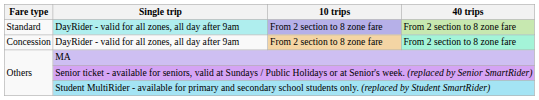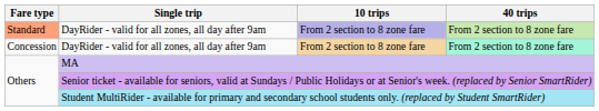 <table class="wikitable">
 <tr>
 <th>Fare type</th>
 <th>Single trip</th>
 <th>10 trips</th>
 <th>40 trips</th>
 </tr>
 <tr>
-<td>Standard</td>
-<td style="background: paleturquoise;">DayRider - valid for all zones, all day after 9am</td>
+<td style="background: lightsalmon;">Standard</td>
+<td>DayRider - valid for all zones, all day after 9am</td>
 <td style="background-color:#B6B0E8;">From 2 section to 8 zone fare</td>
 <td style="background-color:#C7E8B0;">From 2 section to 8 zone fare</td>
 </tr>
 <tr>
 <td>Concession</td>
 <td>DayRider - valid for all zones, all day after 9am</td>
 <td style="background-color:#F4D5A4;">From 2 section to 8 zone fare</td>
 <td style="background-color:#A4F4D8;">From 2 section to 8 zone fare</td>
 </tr>
 <tr>
 <td rowspan="3">Others</td>
 <td colspan="3" style="background-color:#CEBFF2;">MA</td>
 </tr>
 <tr>
 <td colspan="3" style="background-color:#D5A4F4;">Senior ticket - available for seniors, valid at Sundays / Public Holidays or at Senior's week. <em>(replaced by Senior SmartRider)</em></td>
 </tr>
 <tr>
 <td colspan="3" style="background-color:#A4E4F4;">Student MultiRider - available for primary and secondary school students only. <em>(replaced by Student SmartRider)</em></td>
 </tr>
 </table>
